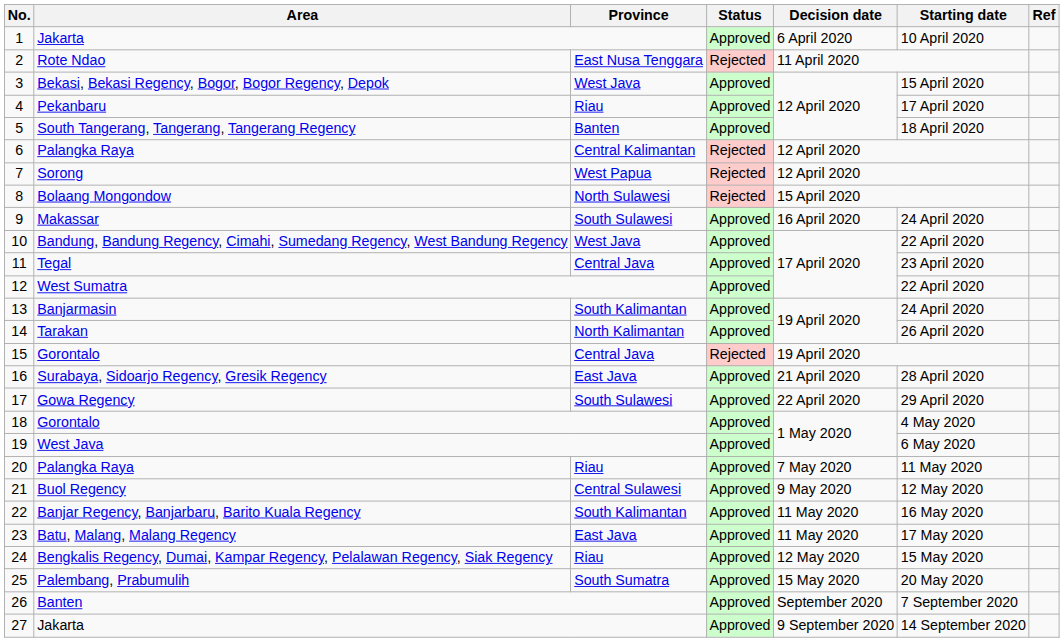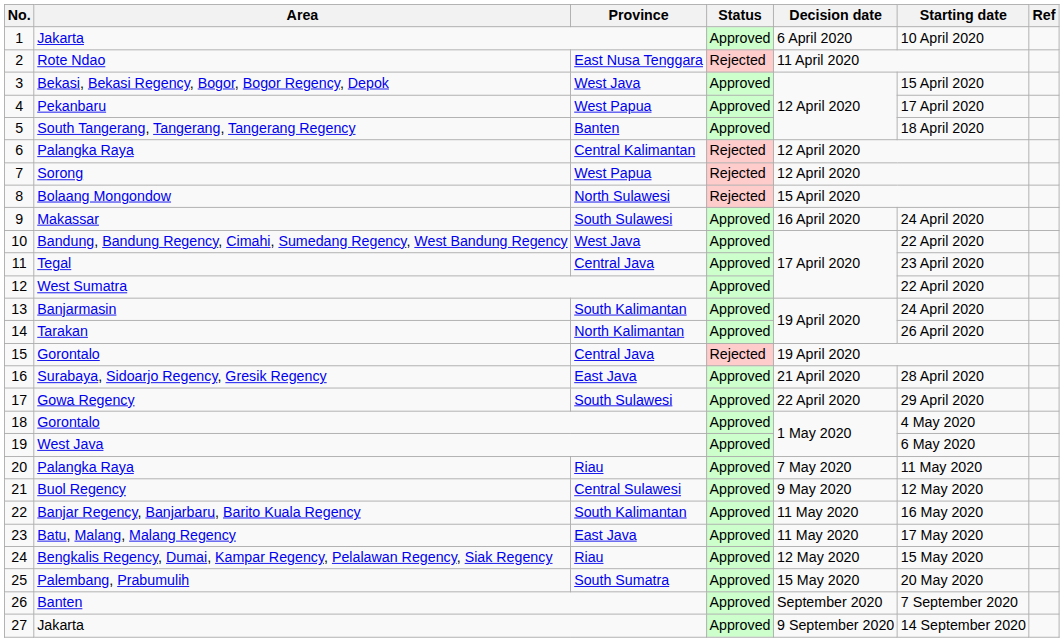 <table class="wikitable">
 <tr>
 <th>No.</th>
 <th>Area</th>
 <th>Province</th>
 <th>Status</th>
 <th>Decision date</th>
 <th>Starting date</th>
 <th>Ref</th>
 </tr>
 <tr>
 <td style="text-align: center;">1</td>
 <td colspan="2"><a href='#'>Jakarta</a></td>
 <td style="background:#cfc;">Approved</td>
 <td>6 April 2020</td>
 <td>10 April 2020</td>
 <td></td>
 </tr>
 <tr>
 <td style="text-align: center;">2</td>
 <td><a href='#'>Rote Ndao</a></td>
 <td><a href='#'>East Nusa Tenggara</a></td>
 <td style="background:#fcc;">Rejected</td>
 <td colspan="2">11 April 2020</td>
 <td></td>
 </tr>
 <tr>
 <td style="text-align: center;">3</td>
 <td><a href='#'>Bekasi</a>, <a href='#'>Bekasi Regency</a>, <a href='#'>Bogor</a>, <a href='#'>Bogor Regency</a>, <a href='#'>Depok</a></td>
 <td><a href='#'>West Java</a></td>
 <td style="background:#cfc;">Approved</td>
 <td rowspan=3>12 April 2020</td>
 <td>15 April 2020</td>
 <td></td>
 </tr>
 <tr>
 <td style="text-align: center;">4</td>
 <td><a href='#'>Pekanbaru</a></td>
-<td><a href='#'>Riau</a></td>
+<td><a href='#'>West Papua</a></td>
 <td style="background:#cfc;">Approved</td>
 <td>17 April 2020</td>
 <td></td>
 </tr>
 <tr>
 <td style="text-align: center;">5</td>
 <td><a href='#'>South Tangerang</a>, <a href='#'>Tangerang</a>, <a href='#'>Tangerang Regency</a></td>
 <td><a href='#'>Banten</a></td>
 <td style="background:#cfc;">Approved</td>
 <td>18 April 2020</td>
 <td></td>
 </tr>
 <tr>
 <td style="text-align: center;">6</td>
 <td><a href='#'>Palangka Raya</a></td>
 <td><a href='#'>Central Kalimantan</a></td>
 <td style="background:#fcc;">Rejected</td>
 <td colspan=2>12 April 2020</td>
 <td></td>
 </tr>
 <tr>
 <td style="text-align: center;">7</td>
 <td><a href='#'>Sorong</a></td>
 <td><a href='#'>West Papua</a></td>
 <td style="background:#fcc;">Rejected</td>
 <td colspan="2">12 April 2020</td>
 <td></td>
 </tr>
 <tr>
 <td style="text-align: center;">8</td>
 <td><a href='#'>Bolaang Mongondow</a></td>
 <td><a href='#'>North Sulawesi</a></td>
 <td style="background:#fcc;">Rejected</td>
 <td colspan="2">15 April 2020</td>
 <td></td>
 </tr>
 <tr>
 <td style="text-align: center;">9</td>
 <td><a href='#'>Makassar</a></td>
 <td><a href='#'>South Sulawesi</a></td>
 <td style="background:#cfc;">Approved</td>
 <td>16 April 2020</td>
 <td>24 April 2020</td>
 <td></td>
 </tr>
 <tr>
 <td style="text-align: center;">10</td>
 <td><a href='#'>Bandung</a>, <a href='#'>Bandung Regency</a>, <a href='#'>Cimahi</a>, <a href='#'>Sumedang Regency</a>, <a href='#'>West Bandung Regency</a></td>
 <td><a href='#'>West Java</a></td>
 <td style="background:#cfc;">Approved</td>
 <td rowspan=3>17 April 2020</td>
 <td>22 April 2020</td>
 <td></td>
 </tr>
 <tr>
 <td style="text-align: center;">11</td>
 <td><a href='#'>Tegal</a></td>
 <td><a href='#'>Central Java</a></td>
 <td style="background:#cfc;">Approved</td>
 <td>23 April 2020</td>
 <td></td>
 </tr>
 <tr>
 <td style="text-align: center;">12</td>
 <td colspan="2"><a href='#'>West Sumatra</a></td>
 <td style="background:#cfc;">Approved</td>
 <td>22 April 2020</td>
 <td></td>
 </tr>
 <tr>
 <td style="text-align: center;">13</td>
 <td><a href='#'>Banjarmasin</a></td>
 <td><a href='#'>South Kalimantan</a></td>
 <td style="background:#cfc;">Approved</td>
 <td rowspan=2>19 April 2020</td>
 <td>24 April 2020</td>
 <td></td>
 </tr>
 <tr>
 <td style="text-align: center;">14</td>
 <td><a href='#'>Tarakan</a></td>
 <td><a href='#'>North Kalimantan</a></td>
 <td style="background:#cfc;">Approved</td>
 <td>26 April 2020</td>
 <td></td>
 </tr>
 <tr>
 <td style="text-align: center;">15</td>
 <td><a href='#'>Gorontalo</a></td>
 <td><a href='#'>Central Java</a></td>
 <td style="background:#fcc;">Rejected</td>
 <td colspan="2">19 April 2020</td>
 <td></td>
 </tr>
 <tr>
 <td style="text-align: center;">16</td>
 <td><a href='#'>Surabaya</a>, <a href='#'>Sidoarjo Regency</a>, <a href='#'>Gresik Regency</a></td>
 <td><a href='#'>East Java</a></td>
 <td style="background:#cfc;">Approved</td>
 <td>21 April 2020</td>
 <td>28 April 2020</td>
 <td></td>
 </tr>
 <tr>
 <td style="text-align: center;">17</td>
 <td><a href='#'>Gowa Regency</a></td>
 <td><a href='#'>South Sulawesi</a></td>
 <td style="background:#cfc;">Approved</td>
 <td>22 April 2020</td>
 <td>29 April 2020</td>
 <td></td>
 </tr>
 <tr>
 <td style="text-align: center;">18</td>
 <td colspan="2"><a href='#'>Gorontalo</a></td>
 <td style="background:#cfc;">Approved</td>
 <td rowspan=2>1 May 2020</td>
 <td>4 May 2020</td>
 <td></td>
 </tr>
 <tr>
 <td style="text-align: center;">19</td>
 <td colspan="2"><a href='#'>West Java</a></td>
 <td style="background:#cfc;">Approved</td>
 <td>6 May 2020</td>
 <td></td>
 </tr>
 <tr>
 <td style="text-align: center;">20</td>
 <td><a href='#'>Palangka Raya</a></td>
 <td><a href='#'>Riau</a></td>
 <td style="background:#cfc;">Approved</td>
 <td>7 May 2020</td>
 <td>11 May 2020</td>
 <td></td>
 </tr>
 <tr>
 <td style="text-align: center;">21</td>
 <td><a href='#'>Buol Regency</a></td>
 <td><a href='#'>Central Sulawesi</a></td>
 <td style="background:#cfc;">Approved</td>
 <td>9 May 2020</td>
 <td>12 May 2020</td>
 <td></td>
 </tr>
 <tr>
 <td style="text-align: center;">22</td>
 <td><a href='#'>Banjar Regency</a>, <a href='#'>Banjarbaru</a>, <a href='#'>Barito Kuala Regency</a></td>
 <td><a href='#'>South Kalimantan</a></td>
 <td style="background:#cfc;">Approved</td>
 <td>11 May 2020</td>
 <td>16 May 2020</td>
 <td></td>
 </tr>
 <tr>
 <td style="text-align: center;">23</td>
 <td><a href='#'>Batu</a>, <a href='#'>Malang</a>, <a href='#'>Malang Regency</a></td>
 <td><a href='#'>East Java</a></td>
 <td style="background:#cfc;">Approved</td>
 <td>11 May 2020</td>
 <td>17 May 2020</td>
 <td></td>
 </tr>
 <tr>
 <td style="text-align: center;">24</td>
 <td><a href='#'>Bengkalis Regency</a>, <a href='#'>Dumai</a>, <a href='#'>Kampar Regency</a>, <a href='#'>Pelalawan Regency</a>, <a href='#'>Siak Regency</a></td>
 <td><a href='#'>Riau</a></td>
 <td style="background:#cfc;">Approved</td>
 <td>12 May 2020</td>
 <td>15 May 2020</td>
 <td></td>
 </tr>
 <tr>
 <td style="text-align: center;">25</td>
 <td><a href='#'>Palembang</a>, <a href='#'>Prabumulih</a></td>
 <td><a href='#'>South Sumatra</a></td>
 <td style="background:#cfc;">Approved</td>
 <td>15 May 2020</td>
 <td>20 May 2020</td>
 <td></td>
 </tr>
 <tr>
 <td style="text-align: center;">26</td>
 <td colspan="2"><a href='#'>Banten</a></td>
 <td style="background:#cfc;">Approved</td>
 <td>September 2020</td>
 <td>7 September 2020</td>
 <td></td>
 </tr>
 <tr>
 <td style="text-align: center;">27</td>
 <td colspan="2">Jakarta</td>
 <td style="background:#cfc;">Approved</td>
 <td>9 September 2020</td>
 <td>14 September 2020</td>
 <td></td>
 </tr>
 </table>
